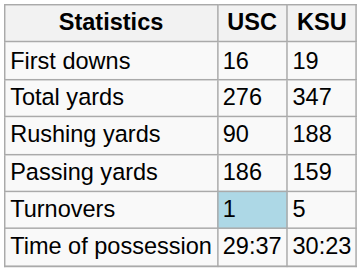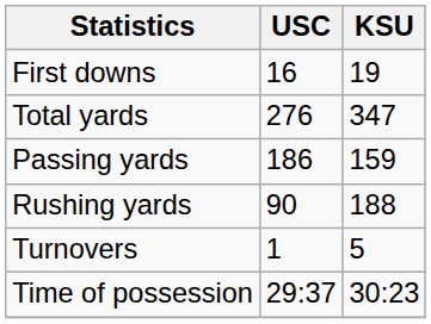 <table class="wikitable">
 <tr>
 <th>Statistics</th>
 <th>USC</th>
 <th>KSU</th>
 </tr>
 <tr>
 <td>First downs</td>
 <td>16</td>
 <td>19</td>
 </tr>
 <tr>
 <td>Total yards</td>
 <td>276</td>
 <td>347</td>
 </tr>
 <tr>
+<td>Passing yards</td>
+<td>186</td>
+<td>159</td>
+</tr>
+<tr>
 <td>Rushing yards</td>
 <td>90</td>
 <td>188</td>
 </tr>
 <tr>
-<td>Passing yards</td>
-<td>186</td>
-<td>159</td>
-</tr>
-<tr>
 <td>Turnovers</td>
-<td style="background: lightblue;">1</td>
+<td>1</td>
 <td>5</td>
 </tr>
 <tr>
 <td>Time of possession</td>
 <td>29:37</td>
 <td>30:23</td>
 </tr>
 <tr>
 </tr>
 </table>
